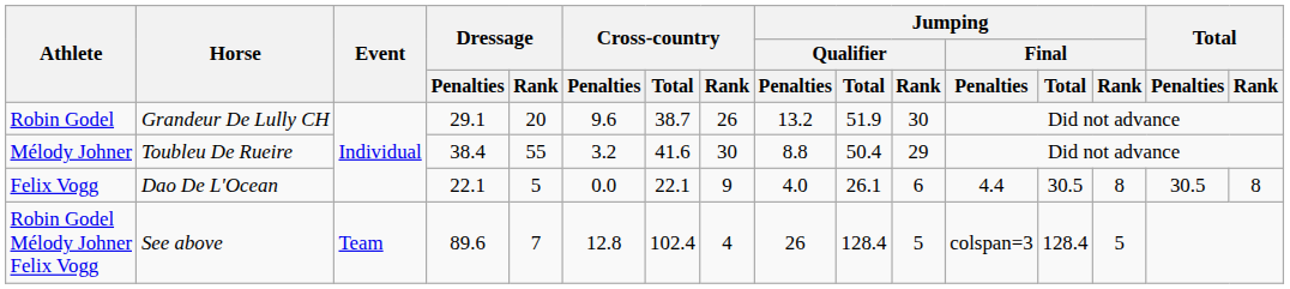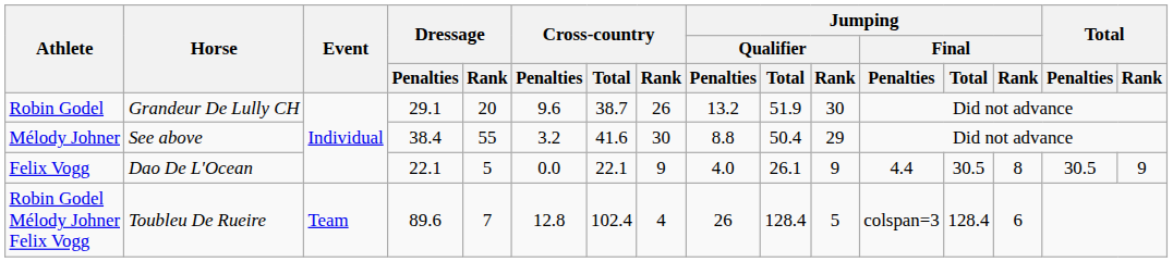 <table class=wikitable style=font-size:90%;text-align:center>
 <tr>
 <th rowspan="3">Athlete</th>
 <th rowspan="3">Horse</th>
 <th rowspan="3">Event</th>
 <th colspan="2" rowspan="2">Dressage</th>
 <th colspan="3" rowspan="2">Cross-country</th>
 <th colspan="6">Jumping</th>
 <th colspan="2" rowspan="2">Total</th>
 </tr>
 <tr style="font-size:95%">
 <th colspan="3">Qualifier</th>
 <th colspan="3">Final</th>
 </tr>
 <tr style="font-size:95%">
 <th>Penalties</th>
 <th>Rank</th>
 <th>Penalties</th>
 <th>Total</th>
 <th>Rank</th>
 <th>Penalties</th>
 <th>Total</th>
 <th>Rank</th>
 <th>Penalties</th>
 <th>Total</th>
 <th>Rank</th>
 <th>Penalties</th>
 <th>Rank</th>
 </tr>
 <tr>
 <td align=left><a href='#'>Robin Godel</a></td>
 <td align=left><em>Grandeur De Lully CH</em></td>
 <td rowspan=3 align=left><a href='#'>Individual</a></td>
 <td>29.1</td>
 <td>20</td>
 <td>9.6</td>
 <td>38.7</td>
 <td>26</td>
 <td>13.2</td>
 <td>51.9</td>
 <td>30</td>
 <td colspan="5">Did not advance</td>
 </tr>
 <tr>
 <td align=left><a href='#'>Mélody Johner</a></td>
-<td align=left><em>Toubleu De Rueire</em></td>
+<td align=left><em>See above</em></td>
 <td>38.4</td>
 <td>55</td>
 <td>3.2</td>
 <td>41.6</td>
 <td>30</td>
 <td>8.8</td>
 <td>50.4</td>
 <td>29</td>
 <td colspan="5">Did not advance</td>
 </tr>
 <tr>
 <td align=left><a href='#'>Felix Vogg</a></td>
 <td align=left><em>Dao De L'Ocean</em></td>
 <td>22.1</td>
 <td>5</td>
 <td>0.0</td>
 <td>22.1</td>
 <td>9</td>
 <td>4.0</td>
 <td>26.1</td>
-<td>6</td>
+<td>9</td>
 <td>4.4</td>
 <td>30.5</td>
 <td>8</td>
 <td>30.5</td>
-<td>8</td>
+<td>9</td>
 </tr>
 <tr>
 <td align=left><a href='#'>Robin Godel</a><br><a href='#'>Mélody Johner</a><br><a href='#'>Felix Vogg</a></td>
-<td align=left><em>See above</em></td>
+<td align=left><em>Toubleu De Rueire</em></td>
 <td align=left><a href='#'>Team</a></td>
 <td>89.6</td>
 <td>7</td>
 <td>12.8</td>
 <td>102.4</td>
 <td>4</td>
 <td>26</td>
 <td>128.4</td>
 <td>5</td>
 <td>colspan=3 </td>
 <td>128.4</td>
-<td>5</td>
+<td>6</td>
 </tr>
 </table>
